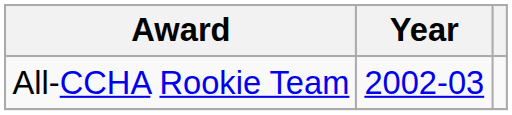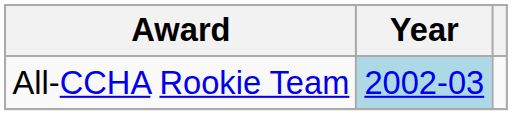 <table class="wikitable">
 <tr>
 <th>Award</th>
 <th>Year</th>
 <th></th>
 </tr>
 <tr>
 <td>All-<a href='#'>CCHA</a> <a href='#'>Rookie Team</a></td>
-<td><a href='#'>2002-03</a></td>
+<td style="background: lightblue;"><a href='#'>2002-03</a></td>
 <td></td>
 </tr>
 <tr>
 </tr>
 </table>
